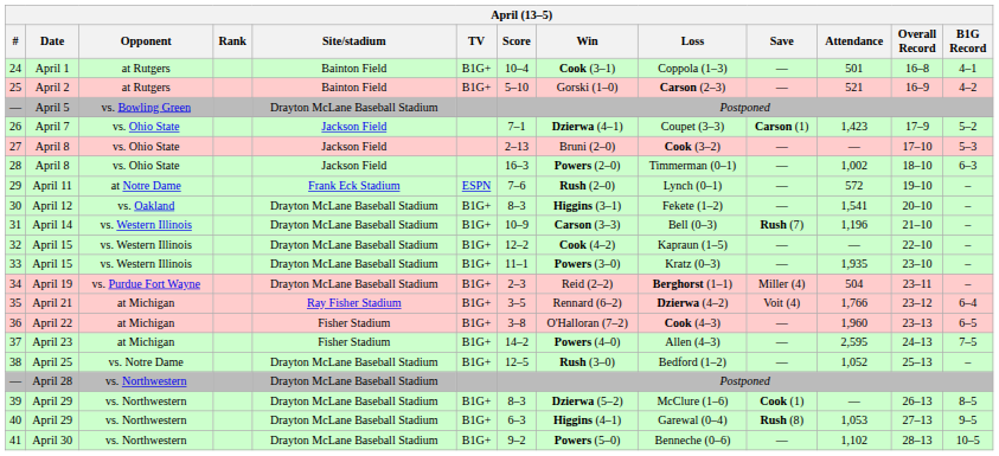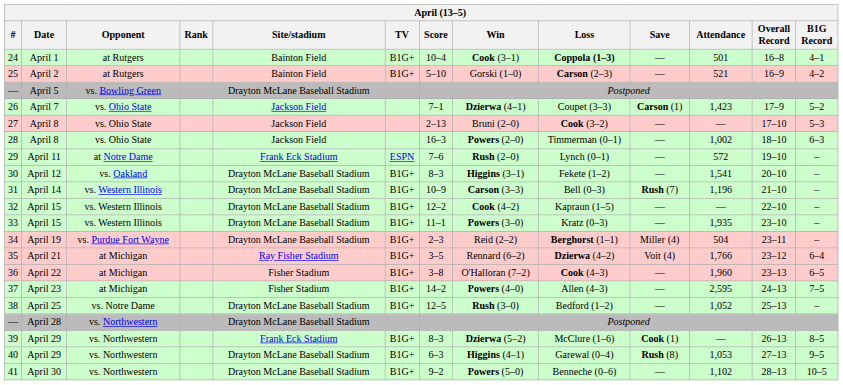 <table class="wikitable collapsible open" style="margin:auto; width:100%; text-align:center; font-size:95%">
 <tr>
 <th colspan=13 style="padding-left:4em;">April (13–5)</th>
 </tr>
 <tr>
 <th>#</th>
 <th>Date</th>
 <th>Opponent</th>
 <th>Rank</th>
 <th>Site/stadium</th>
 <th>TV</th>
 <th>Score</th>
 <th>Win</th>
 <th>Loss</th>
 <th>Save</th>
 <th>Attendance</th>
 <th>Overall<br>Record</th>
 <th>B1G<br>Record</th>
 </tr>
 <tr align="center" bgcolor="#ccffcc">
 <td>24</td>
 <td>April 1</td>
 <td>at Rutgers</td>
 <td></td>
 <td>Bainton Field</td>
 <td>B1G+</td>
 <td>10–4</td>
 <td><strong>Cook</strong> (3–1)</td>
-<td>Coppola (1–3)</td>
+<td><strong>Coppola (1–3)</strong></td>
 <td>—</td>
 <td>501</td>
 <td>16–8</td>
 <td>4–1</td>
 </tr>
 <tr align="center" bgcolor="#ffcccc">
 <td>25</td>
 <td>April 2</td>
 <td>at Rutgers</td>
 <td></td>
 <td>Bainton Field</td>
 <td>B1G+</td>
 <td>5–10</td>
 <td>Gorski (1–0)</td>
 <td><strong>Carson</strong> (2–3)</td>
 <td>—</td>
 <td>521</td>
 <td>16–9</td>
 <td>4–2</td>
 </tr>
 <tr align="center" bgcolor="bbbbbb">
 <td>—</td>
 <td>April 5</td>
 <td>vs. <a href='#'>Bowling Green</a></td>
 <td></td>
 <td>Drayton McLane Baseball Stadium</td>
 <td></td>
 <td colspan=9><em>Postponed</em> </td>
 </tr>
 <tr align="center" bgcolor="#ccffcc">
 <td>26</td>
 <td>April 7</td>
 <td>vs. <a href='#'>Ohio State</a></td>
 <td></td>
 <td><a href='#'>Jackson Field</a></td>
 <td></td>
 <td>7–1</td>
 <td><strong>Dzierwa</strong> (4–1)</td>
 <td>Coupet (3–3)</td>
 <td><strong>Carson</strong> (1)</td>
 <td>1,423</td>
 <td>17–9</td>
 <td>5–2</td>
 </tr>
 <tr align="center"  bgcolor="#ffcccc">
 <td>27</td>
 <td>April 8</td>
 <td>vs. Ohio State</td>
 <td></td>
 <td>Jackson Field</td>
 <td></td>
 <td>2–13 </td>
 <td>Bruni (2–0)</td>
 <td><strong>Cook</strong> (3–2)</td>
 <td>—</td>
 <td>—</td>
 <td>17–10</td>
 <td>5–3</td>
 </tr>
 <tr align="center" bgcolor="#ccffcc">
 <td>28</td>
 <td>April 8</td>
 <td>vs. Ohio State</td>
 <td></td>
 <td>Jackson Field</td>
 <td></td>
 <td>16–3 </td>
 <td><strong>Powers</strong> (2–0)</td>
 <td>Timmerman (0–1)</td>
 <td>—</td>
 <td>1,002</td>
 <td>18–10</td>
 <td>6–3</td>
 </tr>
 <tr align="center" bgcolor="#ccffcc">
 <td>29</td>
 <td>April 11</td>
 <td>at <a href='#'>Notre Dame</a></td>
 <td></td>
 <td><a href='#'>Frank Eck Stadium</a></td>
 <td><a href='#'>ESPN</a></td>
 <td>7–6 </td>
 <td><strong>Rush</strong> (2–0)</td>
 <td>Lynch (0–1)</td>
 <td>—</td>
 <td>572</td>
 <td>19–10</td>
 <td>–</td>
 </tr>
 <tr align="center" bgcolor="#ccffcc">
 <td>30</td>
 <td>April 12</td>
 <td>vs. <a href='#'>Oakland</a></td>
 <td></td>
 <td>Drayton McLane Baseball Stadium</td>
 <td>B1G+</td>
 <td>8–3</td>
 <td><strong>Higgins</strong> (3–1)</td>
 <td>Fekete (1–2)</td>
 <td>—</td>
 <td>1,541</td>
 <td>20–10</td>
 <td>–</td>
 </tr>
 <tr align="center" bgcolor="#ccffcc">
 <td>31</td>
 <td>April 14</td>
 <td>vs. <a href='#'>Western Illinois</a></td>
 <td></td>
 <td>Drayton McLane Baseball Stadium</td>
 <td>B1G+</td>
 <td>10–9</td>
 <td><strong>Carson</strong> (3–3)</td>
 <td>Bell (0–3)</td>
 <td><strong>Rush</strong> (7)</td>
 <td>1,196</td>
 <td>21–10</td>
 <td>–</td>
 </tr>
 <tr align="center" bgcolor="#ccffcc">
 <td>32</td>
 <td>April 15</td>
 <td>vs. Western Illinois</td>
 <td></td>
 <td>Drayton McLane Baseball Stadium</td>
 <td>B1G+</td>
 <td>12–2 </td>
 <td><strong>Cook</strong> (4–2)</td>
 <td>Kapraun (1–5)</td>
 <td>—</td>
 <td>—</td>
 <td>22–10</td>
 <td>–</td>
 </tr>
 <tr align="center" bgcolor="#ccffcc">
 <td>33</td>
 <td>April 15</td>
 <td>vs. Western Illinois</td>
 <td></td>
 <td>Drayton McLane Baseball Stadium</td>
 <td>B1G+</td>
 <td>11–1 </td>
 <td><strong>Powers</strong> (3–0)</td>
 <td>Kratz (0–3)</td>
 <td>—</td>
 <td>1,935</td>
 <td>23–10</td>
 <td>–</td>
 </tr>
 <tr align="center" bgcolor="#ffcccc">
 <td>34</td>
 <td>April 19</td>
 <td>vs. <a href='#'>Purdue Fort Wayne</a></td>
 <td></td>
 <td>Drayton McLane Baseball Stadium</td>
 <td>B1G+</td>
 <td>2–3</td>
 <td>Reid (2–2)</td>
 <td><strong>Berghorst</strong> (1–1)</td>
 <td>Miller (4)</td>
 <td>504</td>
 <td>23–11</td>
 <td>–</td>
 </tr>
 <tr align="center" bgcolor="#ffcccc">
 <td>35</td>
 <td>April 21</td>
 <td>at Michigan</td>
 <td></td>
 <td><a href='#'>Ray Fisher Stadium</a></td>
 <td>B1G+</td>
 <td>3–5</td>
 <td>Rennard (6–2)</td>
 <td><strong>Dzierwa</strong> (4–2)</td>
 <td>Voit (4)</td>
 <td>1,766</td>
 <td>23–12</td>
 <td>6–4</td>
 </tr>
 <tr align="center" bgcolor="#ffcccc">
 <td>36</td>
 <td>April 22</td>
 <td>at Michigan</td>
 <td></td>
 <td>Fisher Stadium</td>
 <td>B1G+</td>
 <td>3–8</td>
 <td>O'Halloran (7–2)</td>
 <td><strong>Cook</strong> (4–3)</td>
 <td>—</td>
 <td>1,960</td>
 <td>23–13</td>
 <td>6–5</td>
 </tr>
 <tr align="center" bgcolor="#ccffcc">
 <td>37</td>
 <td>April 23</td>
 <td>at Michigan</td>
 <td></td>
 <td>Fisher Stadium</td>
 <td>B1G+</td>
 <td>14–2</td>
 <td><strong>Powers</strong> (4–0)</td>
 <td>Allen (4–3)</td>
 <td>—</td>
 <td>2,595</td>
 <td>24–13</td>
 <td>7–5</td>
 </tr>
 <tr align="center" bgcolor="#ccffcc">
 <td>38</td>
 <td>April 25</td>
 <td>vs. Notre Dame</td>
 <td></td>
 <td>Drayton McLane Baseball Stadium</td>
 <td>B1G+</td>
 <td>12–5</td>
 <td><strong>Rush</strong> (3–0)</td>
 <td>Bedford (1–2)</td>
 <td>—</td>
 <td>1,052</td>
 <td>25–13</td>
 <td>–</td>
 </tr>
 <tr align="center" bgcolor="bbbbbb">
 <td>—</td>
 <td>April 28</td>
 <td>vs. <a href='#'>Northwestern</a></td>
 <td></td>
 <td>Drayton McLane Baseball Stadium</td>
 <td></td>
 <td colspan=9><em>Postponed</em> </td>
 </tr>
 <tr align="center" bgcolor="#ccffcc">
 <td>39</td>
 <td>April 29</td>
 <td>vs. Northwestern</td>
 <td></td>
-<td>Drayton McLane Baseball Stadium</td>
+<td><a href='#'>Frank Eck Stadium</a></td>
 <td>B1G+</td>
 <td>8–3</td>
 <td><strong>Dzierwa</strong> (5–2)</td>
 <td>McClure (1–6)</td>
 <td><strong>Cook</strong> (1)</td>
 <td>—</td>
 <td>26–13</td>
 <td>8–5</td>
 </tr>
 <tr align="center" bgcolor="#ccffcc">
 <td>40</td>
 <td>April 29</td>
 <td>vs. Northwestern</td>
 <td></td>
 <td>Drayton McLane Baseball Stadium</td>
 <td>B1G+</td>
 <td>6–3</td>
 <td><strong>Higgins</strong> (4–1)</td>
 <td>Garewal (0–4)</td>
 <td><strong>Rush</strong> (8)</td>
 <td>1,053</td>
 <td>27–13</td>
 <td>9–5</td>
 </tr>
 <tr align="center" bgcolor="#ccffcc">
 <td>41</td>
 <td>April 30</td>
 <td>vs. Northwestern</td>
 <td></td>
 <td>Drayton McLane Baseball Stadium</td>
 <td>B1G+</td>
 <td>9–2</td>
 <td><strong>Powers</strong> (5–0)</td>
 <td>Benneche (0–6)</td>
 <td>—</td>
 <td>1,102</td>
 <td>28–13</td>
 <td>10–5</td>
 </tr>
 </table>
